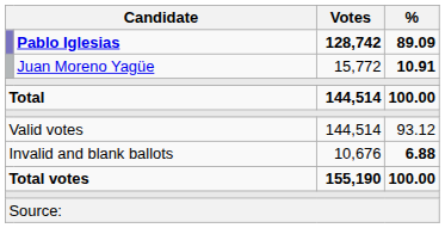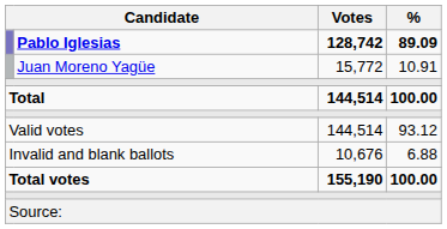 <table class="wikitable" style="text-align:right; font-size:95%;">
 <tr>
 <th colspan="2" width="300">Candidate</th>
 <th width="60">Votes</th>
 <th width="40">%</th>
 </tr>
 <tr>
 <td width="1" style="color:inherit;background:#7873C0"></td>
 <td align="left"><strong><a href='#'>Pablo Iglesias</a></strong></td>
 <td><strong>128,742</strong></td>
 <td><strong>89.09</strong></td>
 </tr>
 <tr>
 <td style="color:inherit;background:#B3B7B8"></td>
 <td align="left"><a href='#'>Juan Moreno Yagüe</a></td>
 <td>15,772</td>
-<td><strong>10.91</strong></td>
+<td>10.91</td>
 </tr>
 <tr>
 <td colspan="4" bgcolor="#E9E9E9"></td>
 </tr>
 <tr style="font-weight:bold;">
 <td align="left" colspan="2">Total</td>
 <td>144,514</td>
 <td>100.00</td>
 </tr>
 <tr>
 <td colspan="4" bgcolor="#E9E9E9"></td>
 </tr>
 <tr>
 <td align="left" colspan="2">Valid votes</td>
 <td>144,514</td>
 <td>93.12</td>
 </tr>
 <tr>
 <td align="left" colspan="2">Invalid and blank ballots</td>
 <td>10,676</td>
-<td><strong>6.88</strong></td>
+<td>6.88</td>
 </tr>
 <tr style="font-weight:bold;">
 <td align="left" colspan="2">Total votes</td>
 <td>155,190</td>
 <td>100.00</td>
 </tr>
 <tr>
 <td colspan="4" bgcolor="#E9E9E9"></td>
 </tr>
 <tr style="background-color:#F2F2F2">
 <td colspan="4" align="left">Source: </td>
 </tr>
 </table>
